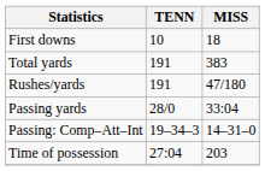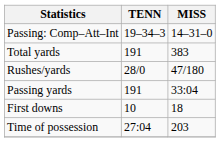 <table class="wikitable" style="float: left;">
 <tr>
 <th>Statistics</th>
 <th>TENN</th>
 <th>MISS</th>
 </tr>
 <tr>
-<td>First downs</td>
-<td>10</td>
-<td>18</td>
+<td>Passing: Comp–Att–Int</td>
+<td>19–34–3</td>
+<td>14–31–0</td>
 </tr>
 <tr>
 <td>Total yards</td>
 <td>191</td>
 <td>383</td>
 </tr>
 <tr>
 <td>Rushes/yards</td>
-<td>191</td>
+<td>28/0</td>
 <td>47/180</td>
 </tr>
 <tr>
 <td>Passing yards</td>
-<td>28/0</td>
+<td>191</td>
 <td>33:04</td>
 </tr>
 <tr>
-<td>Passing: Comp–Att–Int</td>
-<td>19–34–3</td>
-<td>14–31–0</td>
+<td>First downs</td>
+<td>10</td>
+<td>18</td>
 </tr>
 <tr>
 <td>Time of possession</td>
 <td>27:04</td>
 <td>203</td>
 </tr>
 <tr>
 </tr>
 </table>
